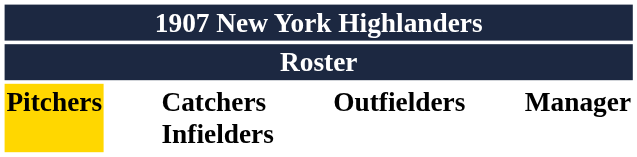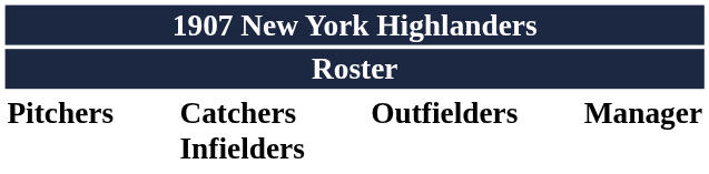 <table class="toccolours" style="font-size: 95%;">
 <tr>
 <th colspan="10" style="background:#1c2841; color:white; text-align:center;">1907 New York Highlanders</th>
 </tr>
 <tr>
 <td colspan="10" style="background:#1c2841; color:white; text-align:center;"><strong>Roster</strong></td>
 </tr>
 <tr>
-<td valign="top" style="background: gold;"><strong>Pitchers</strong><br>                </td>
+<td valign="top"><strong>Pitchers</strong><br>                </td>
 <td style="width:25px;"></td>
 <td valign="top"><strong>Catchers</strong><br>    <strong>Infielders</strong>       </td>
 <td style="width:25px;"></td>
 <td valign="top"><strong>Outfielders</strong><br>    </td>
 <td style="width:25px;"></td>
 <td valign="top"><strong>Manager</strong><br></td>
 </tr>
 </table>
